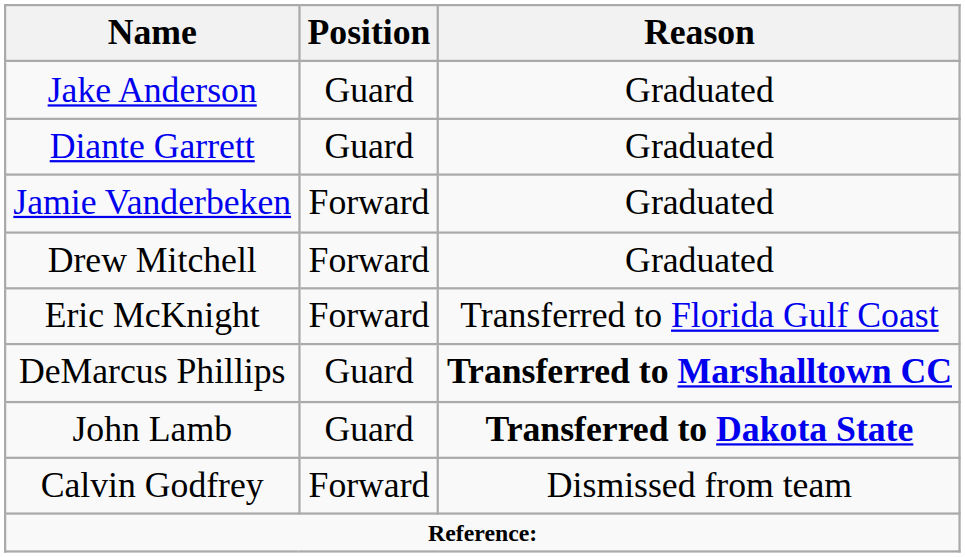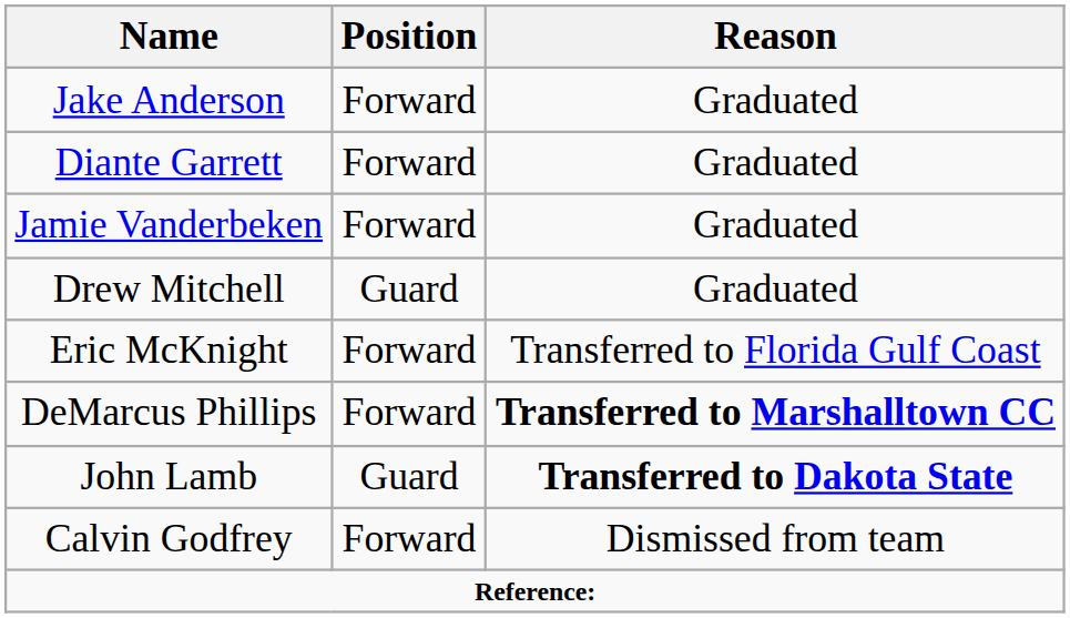 <table class="wikitable" style="text-align: center">
 <tr align=center>
 <th>Name</th>
 <th>Position</th>
 <th>Reason</th>
 </tr>
 <tr>
 <td><a href='#'>Jake Anderson</a></td>
-<td>Guard</td>
+<td>Forward</td>
 <td>Graduated</td>
 </tr>
 <tr>
 <td><a href='#'>Diante Garrett</a></td>
-<td>Guard</td>
+<td>Forward</td>
 <td>Graduated</td>
 </tr>
 <tr>
 <td><a href='#'>Jamie Vanderbeken</a></td>
 <td>Forward</td>
 <td>Graduated</td>
 </tr>
 <tr>
 <td>Drew Mitchell</td>
-<td>Forward</td>
+<td>Guard</td>
 <td>Graduated</td>
 </tr>
 <tr>
 <td>Eric McKnight</td>
 <td>Forward</td>
 <td>Transferred to <a href='#'>Florida Gulf Coast</a></td>
 </tr>
 <tr>
 <td>DeMarcus Phillips</td>
-<td>Guard</td>
+<td>Forward</td>
 <td><strong>Transferred to <a href='#'>Marshalltown CC</a></strong></td>
 </tr>
 <tr>
 <td>John Lamb</td>
 <td>Guard</td>
 <td><strong>Transferred to <a href='#'>Dakota State</a></strong></td>
 </tr>
 <tr>
 <td>Calvin Godfrey</td>
 <td>Forward</td>
 <td>Dismissed from team</td>
 </tr>
 <tr>
 <td colspan="6"  style="font-size:8pt; text-align:center;"><strong>Reference:</strong></td>
 </tr>
 </table>
